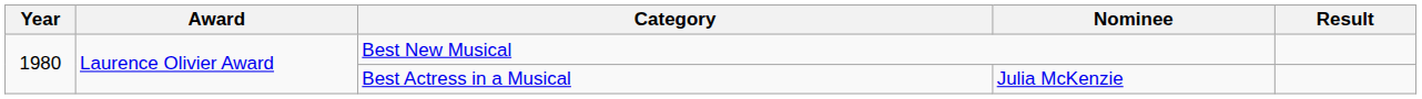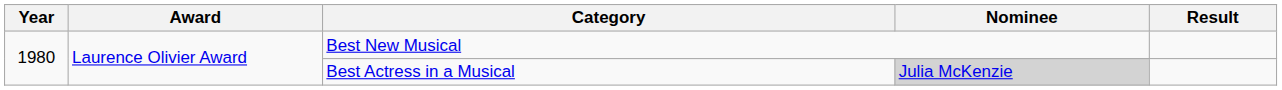 <table class="wikitable" width="95%">
 <tr>
 <th width="5%">Year</th>
 <th width="20%">Award</th>
 <th width="45%">Category</th>
 <th width="20%">Nominee</th>
 <th width="10%">Result</th>
 </tr>
 <tr>
 <td rowspan="2" align="center">1980</td>
 <td rowspan="2"><a href='#'>Laurence Olivier Award</a></td>
 <td colspan="2"><a href='#'>Best New Musical</a></td>
 <td></td>
 </tr>
 <tr>
 <td><a href='#'>Best Actress in a Musical</a></td>
-<td><a href='#'>Julia McKenzie</a></td>
+<td style="background: lightgrey;"><a href='#'>Julia McKenzie</a></td>
 <td></td>
 </tr>
 </table>
